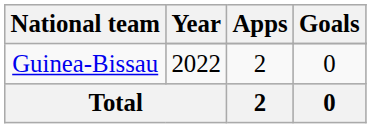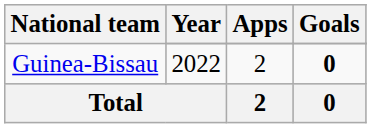 <table class="wikitable" style="text-align: center;">
 <tr>
 <th>National team</th>
 <th>Year</th>
 <th>Apps</th>
 <th>Goals</th>
 </tr>
 <tr>
 <td rowspan="2"><a href='#'>Guinea-Bissau</a></td>
 </tr>
 <tr>
 <td>2022</td>
 <td>2</td>
-<td>0</td>
+<td><strong>0</strong></td>
 </tr>
 <tr>
 <th colspan=2>Total</th>
 <th>2</th>
 <th>0</th>
 </tr>
 </table>
